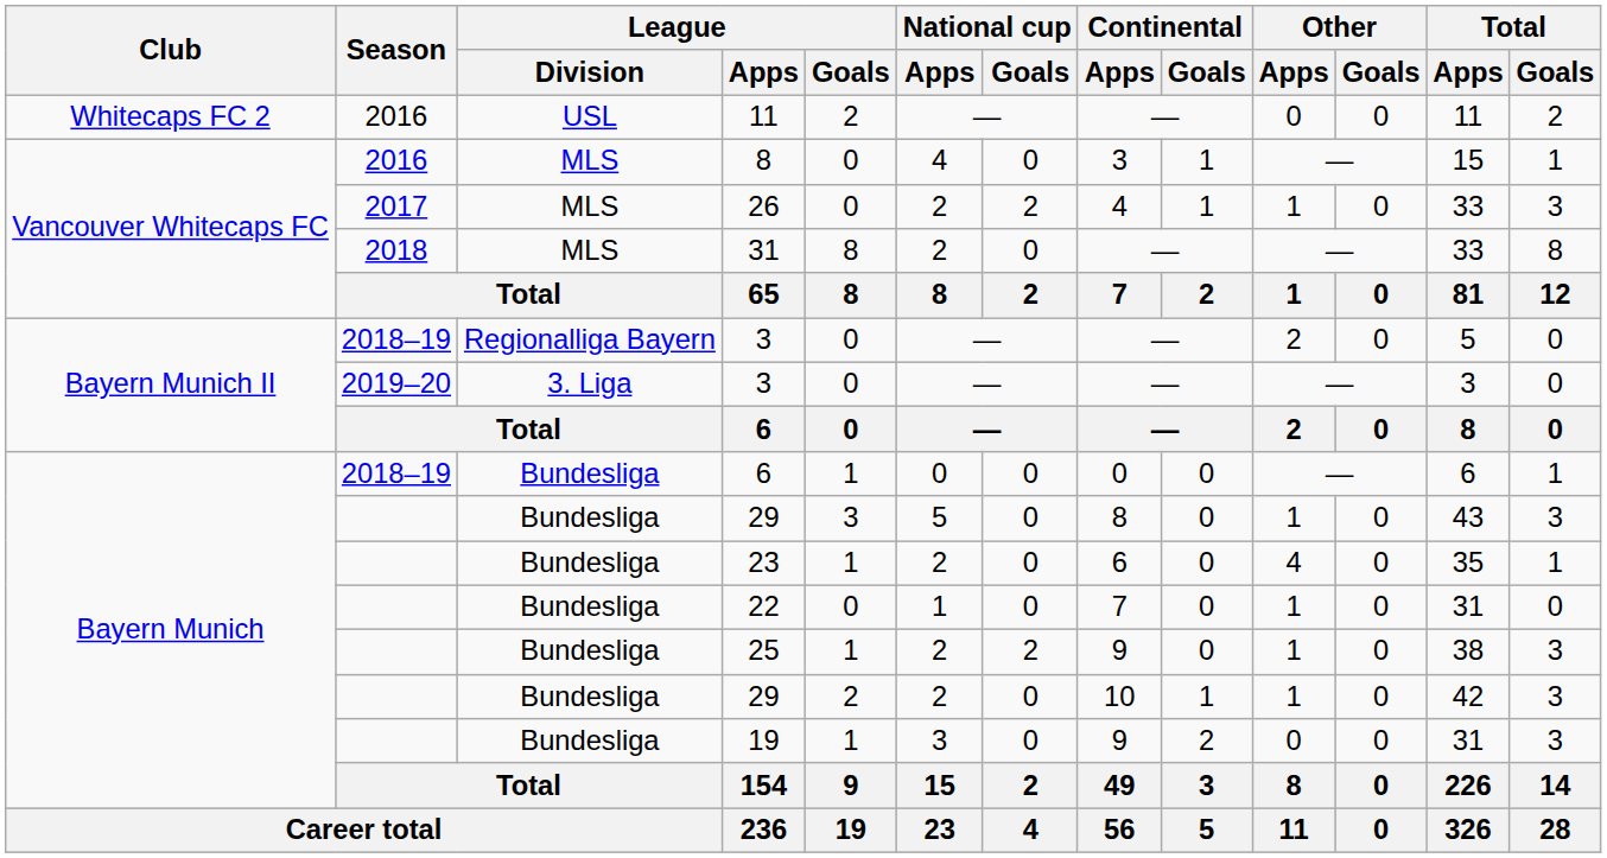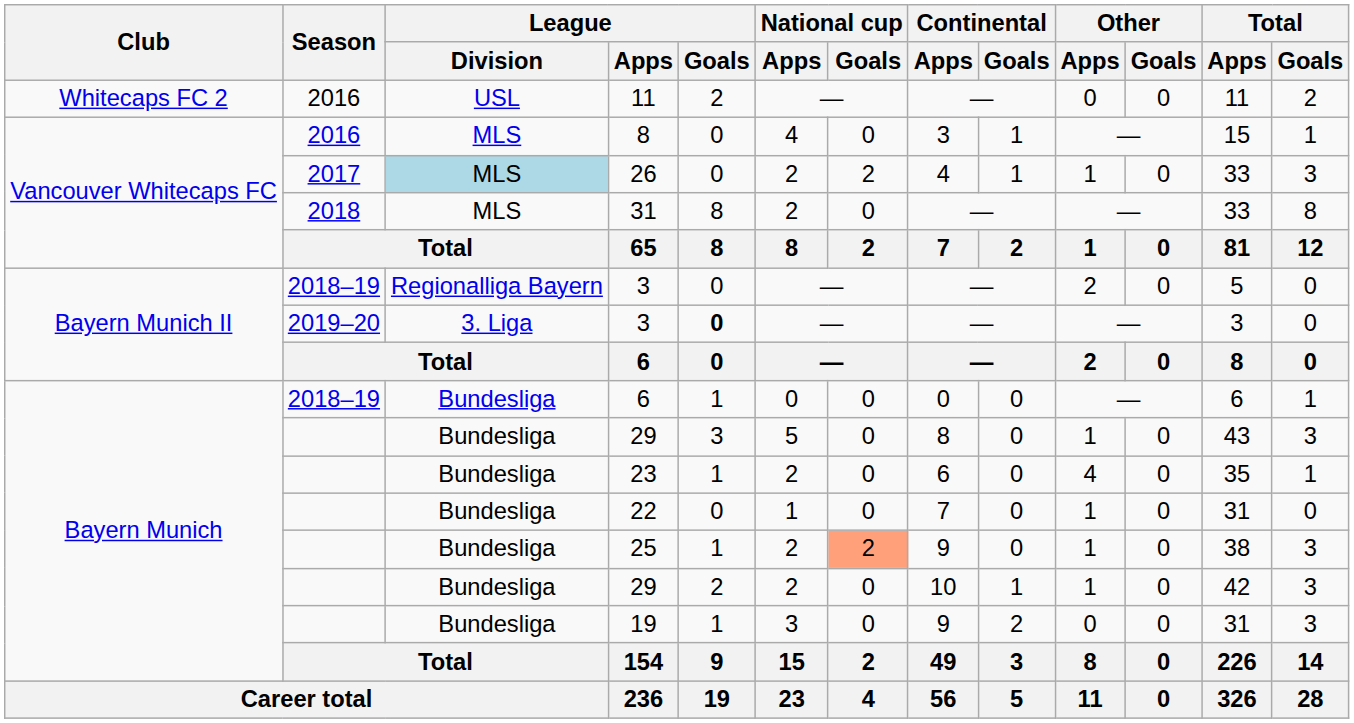 <table class="wikitable" style="text-align:center">
 <tr>
 <th rowspan="2">Club</th>
 <th rowspan="2">Season</th>
 <th colspan="3">League</th>
 <th colspan="2">National cup</th>
 <th colspan="2">Continental</th>
 <th colspan="2">Other</th>
 <th colspan="2">Total</th>
 </tr>
 <tr>
 <th>Division</th>
 <th>Apps</th>
 <th>Goals</th>
 <th>Apps</th>
 <th>Goals</th>
 <th>Apps</th>
 <th>Goals</th>
 <th>Apps</th>
 <th>Goals</th>
 <th>Apps</th>
 <th>Goals</th>
 </tr>
 <tr>
 <td><a href='#'>Whitecaps FC 2</a></td>
 <td>2016</td>
 <td><a href='#'>USL</a></td>
 <td>11</td>
 <td>2</td>
 <td colspan="2">—</td>
 <td colspan="2">—</td>
 <td>0</td>
 <td>0</td>
 <td>11</td>
 <td>2</td>
 </tr>
 <tr>
 <td rowspan="4"><a href='#'>Vancouver Whitecaps FC</a></td>
 <td><a href='#'>2016</a></td>
 <td><a href='#'>MLS</a></td>
 <td>8</td>
 <td>0</td>
 <td>4</td>
 <td>0</td>
 <td>3</td>
 <td>1</td>
 <td colspan="2">—</td>
 <td>15</td>
 <td>1</td>
 </tr>
 <tr>
 <td><a href='#'>2017</a></td>
-<td>MLS</td>
+<td style="background: lightblue;">MLS</td>
 <td>26</td>
 <td>0</td>
 <td>2</td>
 <td>2</td>
 <td>4</td>
 <td>1</td>
 <td>1</td>
 <td>0</td>
 <td>33</td>
 <td>3</td>
 </tr>
 <tr>
 <td><a href='#'>2018</a></td>
 <td>MLS</td>
 <td>31</td>
 <td>8</td>
 <td>2</td>
 <td>0</td>
 <td colspan="2">—</td>
 <td colspan="2">—</td>
 <td>33</td>
 <td>8</td>
 </tr>
 <tr>
 <th colspan="2">Total</th>
 <th>65</th>
 <th>8</th>
 <th>8</th>
 <th>2</th>
 <th>7</th>
 <th>2</th>
 <th>1</th>
 <th>0</th>
 <th>81</th>
 <th>12</th>
 </tr>
 <tr>
 <td rowspan="3"><a href='#'>Bayern Munich II</a></td>
 <td><a href='#'>2018–19</a></td>
 <td><a href='#'>Regionalliga Bayern</a></td>
 <td>3</td>
 <td>0</td>
 <td colspan="2">—</td>
 <td colspan="2">—</td>
 <td>2</td>
 <td>0</td>
 <td>5</td>
 <td>0</td>
 </tr>
 <tr>
 <td><a href='#'>2019–20</a></td>
 <td><a href='#'>3. Liga</a></td>
 <td>3</td>
-<td>0</td>
+<td><strong>0</strong></td>
 <td colspan="2">—</td>
 <td colspan="2">—</td>
 <td colspan="2">—</td>
 <td>3</td>
 <td>0</td>
 </tr>
 <tr>
 <th colspan="2">Total</th>
 <th>6</th>
 <th>0</th>
 <th colspan="2">—</th>
 <th colspan="2">—</th>
 <th>2</th>
 <th>0</th>
 <th>8</th>
 <th>0</th>
 </tr>
 <tr>
 <td rowspan="8"><a href='#'>Bayern Munich</a></td>
 <td><a href='#'>2018–19</a></td>
 <td><a href='#'>Bundesliga</a></td>
 <td>6</td>
 <td>1</td>
 <td>0</td>
 <td>0</td>
 <td>0</td>
 <td>0</td>
 <td colspan="2">—</td>
 <td>6</td>
 <td>1</td>
 </tr>
 <tr>
 <td></td>
 <td>Bundesliga</td>
 <td>29</td>
 <td>3</td>
 <td>5</td>
 <td>0</td>
 <td>8</td>
 <td>0</td>
 <td>1</td>
 <td>0</td>
 <td>43</td>
 <td>3</td>
 </tr>
 <tr>
 <td></td>
 <td>Bundesliga</td>
 <td>23</td>
 <td>1</td>
 <td>2</td>
 <td>0</td>
 <td>6</td>
 <td>0</td>
 <td>4</td>
 <td>0</td>
 <td>35</td>
 <td>1</td>
 </tr>
 <tr>
 <td></td>
 <td>Bundesliga</td>
 <td>22</td>
 <td>0</td>
 <td>1</td>
 <td>0</td>
 <td>7</td>
 <td>0</td>
 <td>1</td>
 <td>0</td>
 <td>31</td>
 <td>0</td>
 </tr>
 <tr>
 <td></td>
 <td>Bundesliga</td>
 <td>25</td>
 <td>1</td>
 <td>2</td>
-<td>2</td>
+<td style="background: lightsalmon;">2</td>
 <td>9</td>
 <td>0</td>
 <td>1</td>
 <td>0</td>
 <td>38</td>
 <td>3</td>
 </tr>
 <tr>
 <td></td>
 <td>Bundesliga</td>
 <td>29</td>
 <td>2</td>
 <td>2</td>
 <td>0</td>
 <td>10</td>
 <td>1</td>
 <td>1</td>
 <td>0</td>
 <td>42</td>
 <td>3</td>
 </tr>
 <tr>
 <td></td>
 <td>Bundesliga</td>
 <td>19</td>
 <td>1</td>
 <td>3</td>
 <td>0</td>
 <td>9</td>
 <td>2</td>
 <td>0</td>
 <td>0</td>
 <td>31</td>
 <td>3</td>
 </tr>
 <tr>
 <th colspan="2">Total</th>
 <th>154</th>
 <th>9</th>
 <th>15</th>
 <th>2</th>
 <th>49</th>
 <th>3</th>
 <th>8</th>
 <th>0</th>
 <th>226</th>
 <th>14</th>
 </tr>
 <tr>
 <th colspan="3">Career total</th>
 <th>236</th>
 <th>19</th>
 <th>23</th>
 <th>4</th>
 <th>56</th>
 <th>5</th>
 <th>11</th>
 <th>0</th>
 <th>326</th>
 <th>28</th>
 </tr>
 </table>
